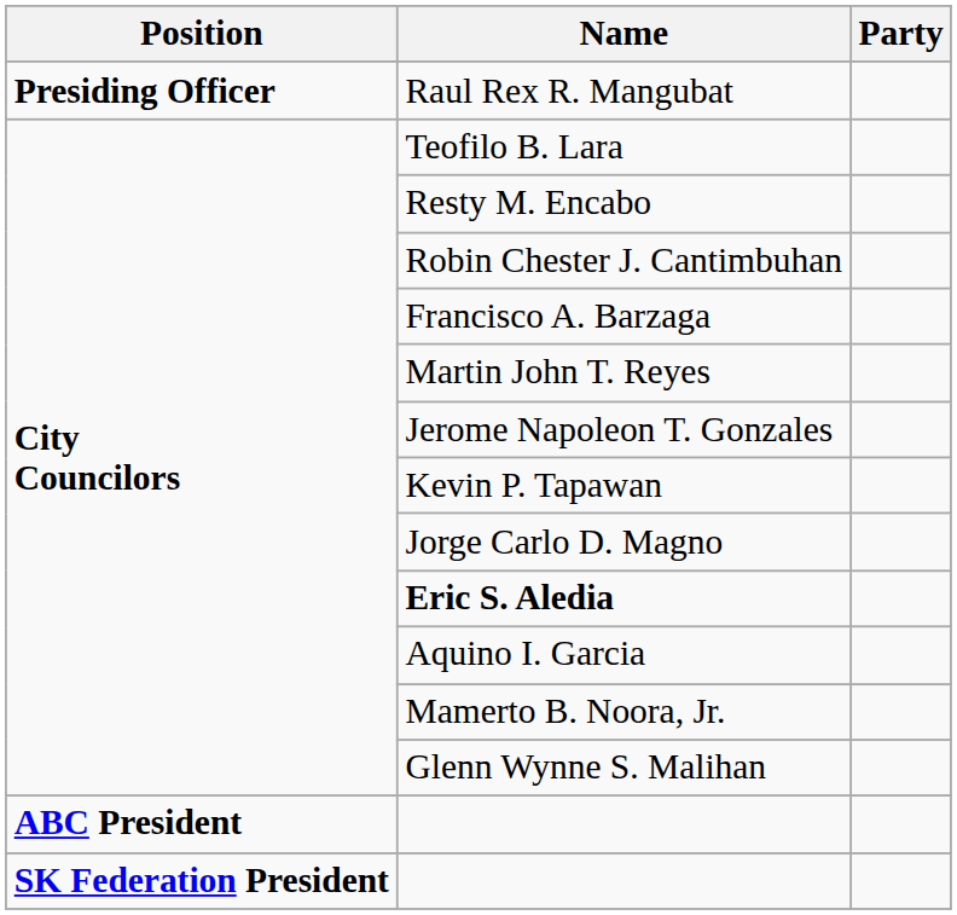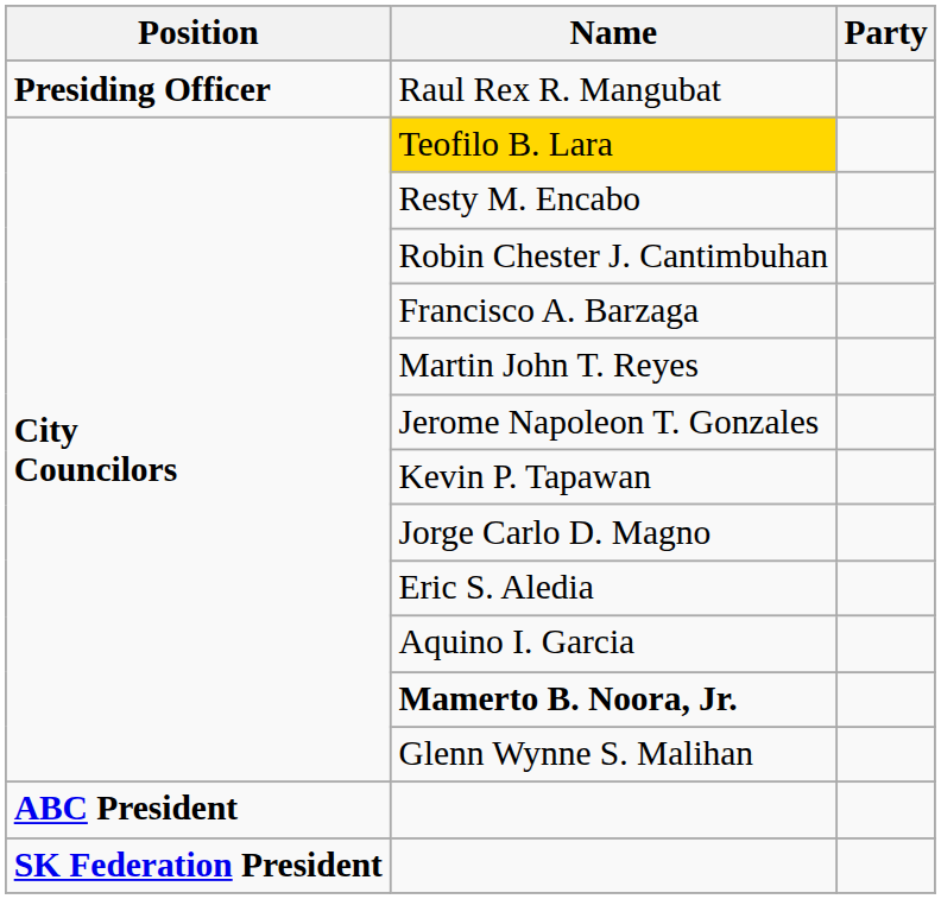 <table class=wikitable>
 <tr>
 <th>Position</th>
 <th>Name</th>
 <th colspan=2>Party</th>
 </tr>
 <tr>
 <td><strong>Presiding Officer</strong></td>
 <td>Raul Rex R. Mangubat</td>
 <td></td>
 </tr>
 <tr>
 <td rowspan=12><strong>City<br>Councilors</strong></td>
-<td>Teofilo B. Lara</td>
+<td style="background: gold;">Teofilo B. Lara</td>
 <td></td>
 </tr>
 <tr>
 <td>Resty M. Encabo</td>
 <td></td>
 </tr>
 <tr>
 <td>Robin Chester J. Cantimbuhan</td>
 <td></td>
 </tr>
 <tr>
 <td>Francisco A. Barzaga</td>
 <td></td>
 </tr>
 <tr>
 <td>Martin John T. Reyes</td>
 <td></td>
 </tr>
 <tr>
 <td>Jerome Napoleon T. Gonzales</td>
 <td></td>
 </tr>
 <tr>
 <td>Kevin P. Tapawan</td>
 <td></td>
 </tr>
 <tr>
 <td>Jorge Carlo D. Magno</td>
 <td></td>
 </tr>
 <tr>
-<td><strong>Eric S. Aledia</strong></td>
+<td>Eric S. Aledia</td>
 <td></td>
 </tr>
 <tr>
 <td>Aquino I. Garcia</td>
 <td></td>
 </tr>
 <tr>
-<td>Mamerto B. Noora, Jr.</td>
+<td><strong>Mamerto B. Noora, Jr.</strong></td>
 <td></td>
 </tr>
 <tr>
 <td>Glenn Wynne S. Malihan</td>
 <td></td>
 </tr>
 <tr>
 <td><strong><a href='#'>ABC</a> President</strong></td>
 <td></td>
 <td></td>
 </tr>
 <tr>
 <td><strong><a href='#'>SK Federation</a> President</strong></td>
 <td></td>
 <td></td>
 </tr>
 </table>
